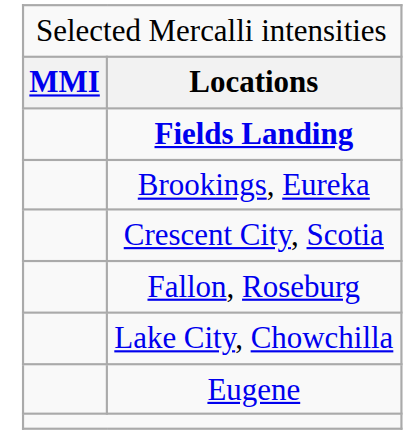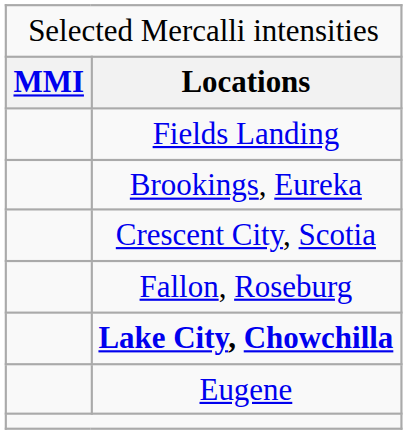 <table class="wikitable" style="float: right; text-align: center; font-size:90%;">
 <tr>
 <td colspan="2" style="text-align: center;">Selected Mercalli intensities</td>
 </tr>
 <tr>
 <th><a href='#'>MMI</a></th>
 <th>Locations</th>
 </tr>
 <tr>
 <td></td>
-<td><strong><a href='#'>Fields Landing</a></strong></td>
+<td><a href='#'>Fields Landing</a></td>
 </tr>
 <tr>
 <td></td>
 <td><a href='#'>Brookings</a>, <a href='#'>Eureka</a></td>
 </tr>
 <tr>
 <td></td>
 <td><a href='#'>Crescent City</a>, <a href='#'>Scotia</a></td>
 </tr>
 <tr>
 <td></td>
 <td><a href='#'>Fallon</a>, <a href='#'>Roseburg</a></td>
 </tr>
 <tr>
 <td></td>
-<td><a href='#'>Lake City</a>, <a href='#'>Chowchilla</a></td>
+<td><strong><a href='#'>Lake City</a>, <a href='#'>Chowchilla</a></strong></td>
 </tr>
 <tr>
 <td></td>
 <td><a href='#'>Eugene</a></td>
 </tr>
 <tr>
 <td colspan="3" style="text-align: center;"><small></small></td>
 </tr>
 </table>
